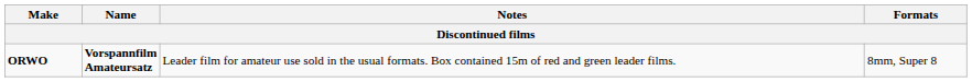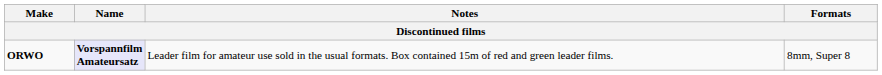 <table class="wikitable">
 <tr>
 <th width="8%">Make</th>
 <th width="8%">Name</th>
 <th>Notes</th>
 <th>Formats</th>
 </tr>
 <tr>
 <th colspan="4">Discontinued films</th>
 </tr>
 <tr>
 <td><strong>ORWO</strong></td>
-<td><strong>Vorspannfilm Amateursatz</strong></td>
+<td style="background: lavender;"><strong>Vorspannfilm Amateursatz</strong></td>
 <td>Leader film for amateur use sold in the usual formats. Box contained 15m of red and green leader films.</td>
 <td>8mm, Super 8</td>
 </tr>
 </table>
